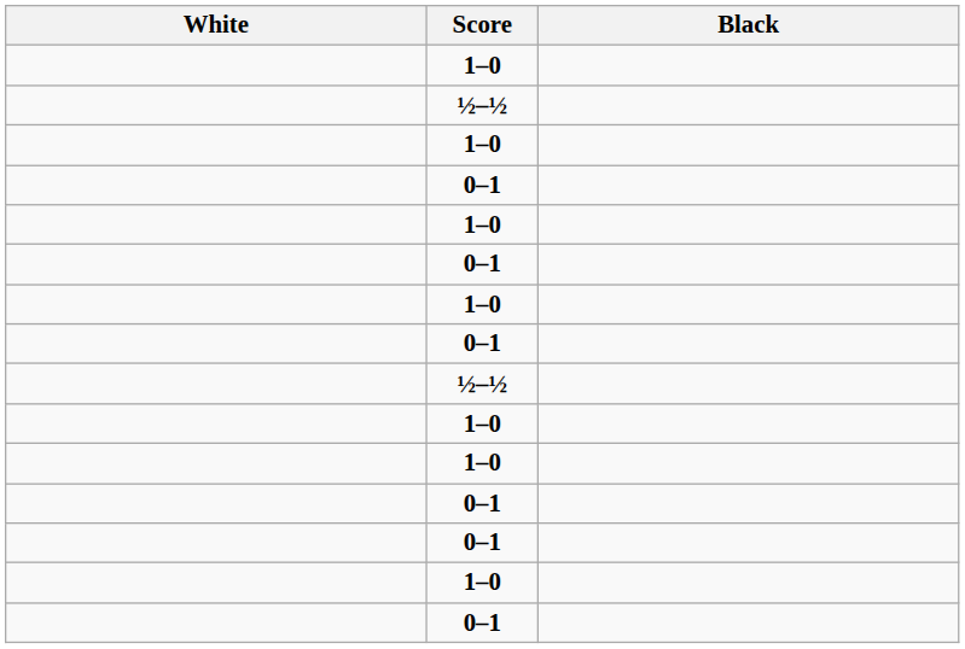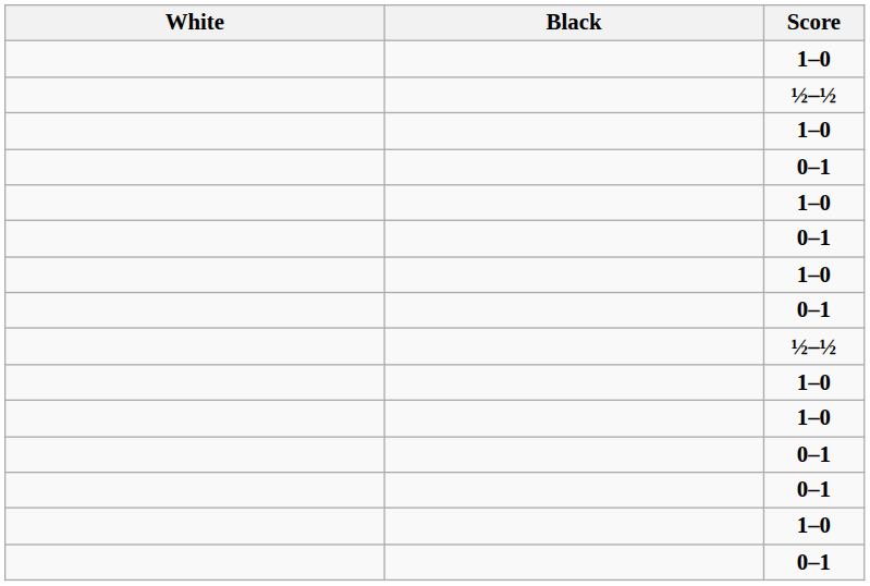 <table class="wikitable" style="text-align: center;">
 <tr>
 <th align="right" width="270">White</th>
+<th align="left" width="270">Black</th>
 <th width="65">Score</th>
-<th align="left" width="270">Black</th>
 </tr>
 <tr>
 <td align=left><strong></strong></td>
+<td align=left></td>
 <td align=center><strong>1–0</strong></td>
-<td align=left></td>
 </tr>
 <tr>
 <td align=left></td>
+<td align=left></td>
 <td align=center><strong>½–½</strong></td>
-<td align=left></td>
 </tr>
 <tr>
 <td align=left><strong></strong></td>
+<td align=left></td>
 <td align=center><strong>1–0</strong></td>
-<td align=left></td>
 </tr>
 <tr>
 <td align=left></td>
+<td align=left><strong></strong></td>
 <td align=center><strong>0–1</strong></td>
-<td align=left><strong></strong></td>
 </tr>
 <tr>
 <td align=left><strong></strong></td>
+<td align=left></td>
 <td align=center><strong>1–0</strong></td>
-<td align=left></td>
 </tr>
 <tr>
 <td align=left></td>
+<td align=left><strong></strong></td>
 <td align=center><strong>0–1</strong></td>
-<td align=left><strong></strong></td>
 </tr>
 <tr>
 <td align=left><strong></strong></td>
+<td align=left></td>
 <td align=center><strong>1–0</strong></td>
-<td align=left></td>
 </tr>
 <tr>
 <td align=left></td>
+<td align=left><strong></strong></td>
 <td align=center><strong>0–1</strong></td>
-<td align=left><strong></strong></td>
 </tr>
 <tr>
 <td align=left></td>
+<td align=left></td>
 <td align=center><strong>½–½</strong></td>
-<td align=left></td>
 </tr>
 <tr>
 <td align=left><strong></strong></td>
+<td align=left></td>
 <td align=center><strong>1–0</strong></td>
-<td align=left></td>
 </tr>
 <tr>
 <td align=left><strong></strong></td>
+<td align=left></td>
 <td align=center><strong>1–0</strong></td>
-<td align=left></td>
 </tr>
 <tr>
 <td align=left></td>
+<td align=left><strong></strong></td>
 <td align=center><strong>0–1</strong></td>
-<td align=left><strong></strong></td>
 </tr>
 <tr>
 <td align=left></td>
+<td align=left><strong></strong></td>
 <td align=center><strong>0–1</strong></td>
-<td align=left><strong></strong></td>
 </tr>
 <tr>
 <td align=left><strong></strong></td>
+<td align=left></td>
 <td align=center><strong>1–0</strong></td>
-<td align=left></td>
 </tr>
 <tr>
 <td align=left></td>
+<td align=left><strong></strong></td>
 <td align=center><strong>0–1</strong></td>
-<td align=left><strong></strong></td>
 </tr>
 </table>
